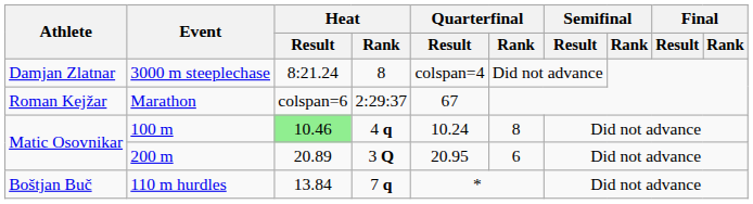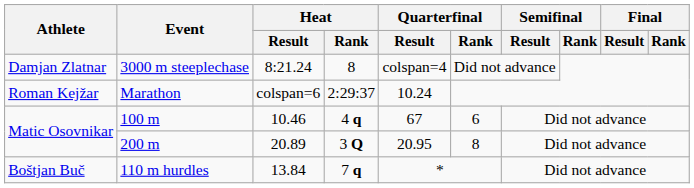 <table class=wikitable style="font-size:90%">
 <tr>
 <th rowspan="2">Athlete</th>
 <th rowspan="2">Event</th>
 <th colspan="2">Heat</th>
 <th colspan="2">Quarterfinal</th>
 <th colspan="2">Semifinal</th>
 <th colspan="2">Final</th>
 </tr>
 <tr style="font-size:95%">
 <th>Result</th>
 <th>Rank</th>
 <th>Result</th>
 <th>Rank</th>
 <th>Result</th>
 <th>Rank</th>
 <th>Result</th>
 <th>Rank</th>
 </tr>
 <tr align=center>
 <td align=left><a href='#'>Damjan Zlatnar</a></td>
 <td align=left><a href='#'>3000 m steeplechase</a></td>
 <td>8:21.24</td>
 <td>8</td>
 <td>colspan=4 </td>
 <td colspan=2>Did not advance</td>
 </tr>
 <tr align=center>
 <td align=left><a href='#'>Roman Kejžar</a></td>
 <td align=left><a href='#'>Marathon</a></td>
 <td>colspan=6 </td>
 <td>2:29:37</td>
-<td>67</td>
+<td>10.24</td>
 </tr>
 <tr align=center>
 <td align=left rowspan=2><a href='#'>Matic Osovnikar</a></td>
 <td align=left><a href='#'>100 m</a></td>
-<td style="background: lightgreen;">10.46</td>
+<td>10.46</td>
 <td>4 <strong>q</strong></td>
-<td>10.24</td>
-<td>8</td>
+<td>67</td>
+<td>6</td>
 <td colspan=4>Did not advance</td>
 </tr>
 <tr align=center>
 <td align=left><a href='#'>200 m</a></td>
 <td>20.89</td>
 <td>3 <strong>Q</strong></td>
 <td>20.95</td>
-<td>6</td>
+<td>8</td>
 <td colspan=4>Did not advance</td>
 </tr>
 <tr align=center>
 <td align=left><a href='#'>Boštjan Buč</a></td>
 <td align=left><a href='#'>110 m hurdles</a></td>
 <td>13.84</td>
 <td>7 <strong>q</strong></td>
 <td colspan=2>*</td>
 <td colspan=4>Did not advance</td>
 </tr>
 </table>
